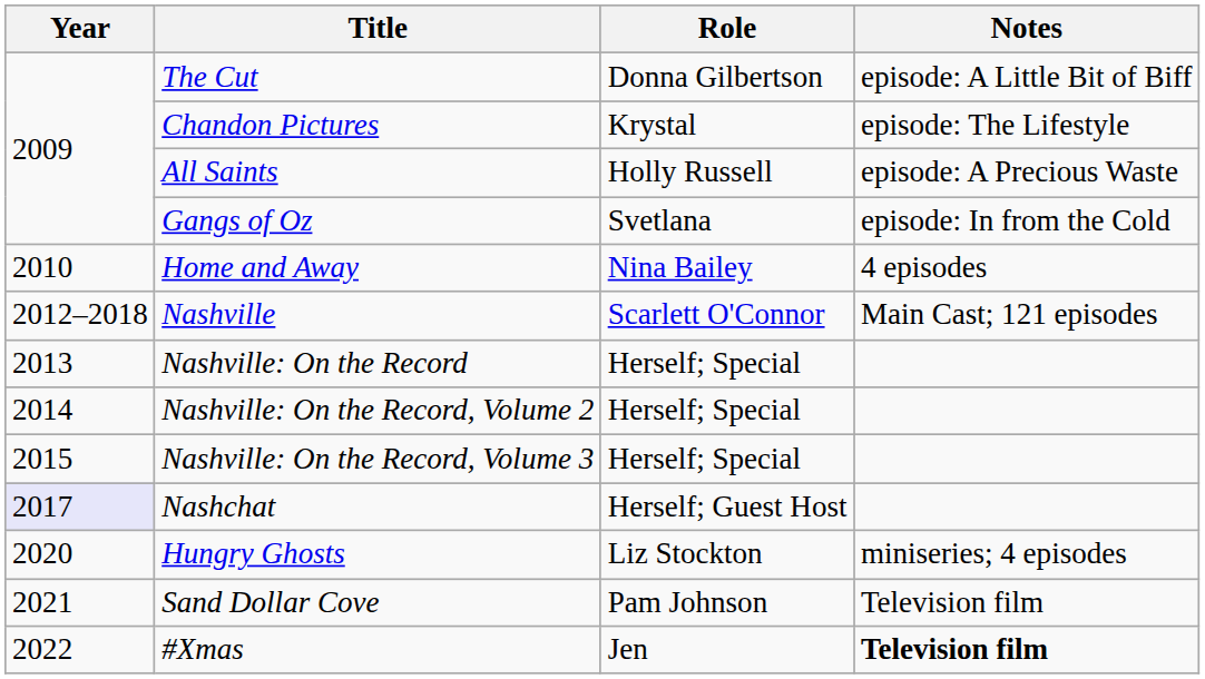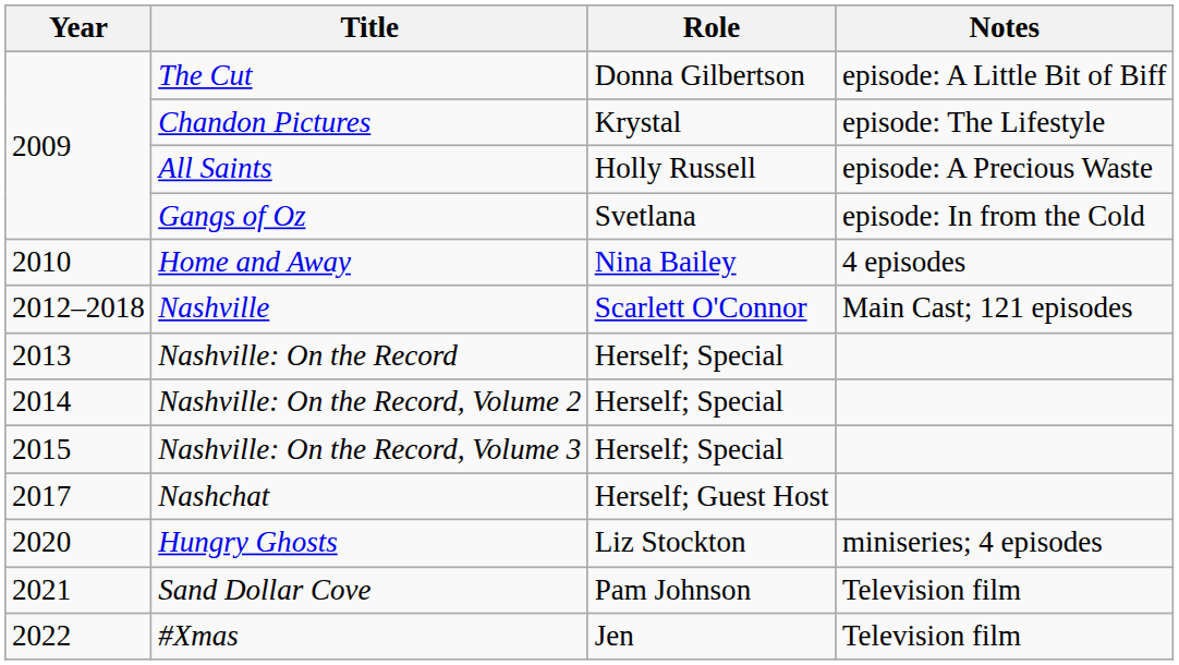 <table class="wikitable sortable">
 <tr>
 <th>Year</th>
 <th>Title</th>
 <th>Role</th>
 <th class="unsortable">Notes</th>
 </tr>
 <tr>
 <td rowspan="4">2009</td>
 <td><em><a href='#'>The Cut</a></em></td>
 <td>Donna Gilbertson</td>
 <td>episode: A Little Bit of Biff</td>
 </tr>
 <tr>
 <td><em><a href='#'>Chandon Pictures</a></em></td>
 <td>Krystal</td>
 <td>episode: The Lifestyle</td>
 </tr>
 <tr>
 <td><em><a href='#'>All Saints</a></em></td>
 <td>Holly Russell</td>
 <td>episode: A Precious Waste</td>
 </tr>
 <tr>
 <td><em><a href='#'>Gangs of Oz</a></em></td>
 <td>Svetlana</td>
 <td>episode: In from the Cold</td>
 </tr>
 <tr>
 <td>2010</td>
 <td><em><a href='#'>Home and Away</a></em></td>
 <td><a href='#'>Nina Bailey</a></td>
 <td>4 episodes</td>
 </tr>
 <tr>
 <td>2012–2018</td>
 <td><em><a href='#'>Nashville</a></em></td>
 <td><a href='#'>Scarlett O'Connor</a></td>
 <td>Main Cast; 121 episodes</td>
 </tr>
 <tr>
 <td>2013</td>
 <td><em>Nashville: On the Record</em></td>
 <td>Herself; Special</td>
 <td></td>
 </tr>
 <tr>
 <td>2014</td>
 <td><em>Nashville: On the Record, Volume 2</em></td>
 <td>Herself; Special</td>
 <td></td>
 </tr>
 <tr>
 <td>2015</td>
 <td><em>Nashville: On the Record, Volume 3</em></td>
 <td>Herself; Special</td>
 <td></td>
 </tr>
 <tr>
-<td style="background: lavender;">2017</td>
+<td>2017</td>
 <td><em>Nashchat</em></td>
 <td>Herself; Guest Host</td>
 <td></td>
 </tr>
 <tr>
 <td>2020</td>
 <td><em><a href='#'>Hungry Ghosts</a></em></td>
 <td>Liz Stockton</td>
 <td>miniseries; 4 episodes</td>
 </tr>
 <tr>
 <td>2021</td>
 <td><em>Sand Dollar Cove</em></td>
 <td>Pam Johnson</td>
 <td>Television film</td>
 </tr>
 <tr>
 <td>2022</td>
 <td><em>#Xmas</em></td>
 <td>Jen</td>
-<td><strong>Television film</strong></td>
+<td>Television film</td>
 </tr>
 </table>
